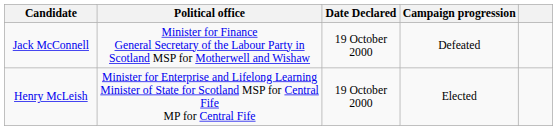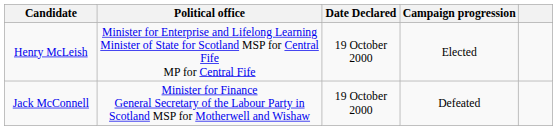 <table class="wikitable sortable wiki table" style="text-align:center">
 <tr>
 <th scope="col" style="width: 120px;">Candidate</th>
 <th scope="col" style="width: 300px;">Political office</th>
 <th scope="col" style="width: 100px;">Date Declared</th>
 <th>Campaign progression</th>
 <th class="unsortable" scope="col" style="width: 40px;"></th>
 </tr>
 <tr>
+<td><a href='#'>Henry McLeish</a></td>
+<td><a href='#'>Minister for Enterprise and Lifelong Learning</a> <br><a href='#'>Minister of State for Scotland</a>  MSP for <a href='#'>Central Fife</a> <br>MP for <a href='#'>Central Fife</a> </td>
+<td>19 October 2000</td>
+<td>Elected</td>
+<td></td>
+</tr>
+<tr>
 <td><a href='#'>Jack McConnell</a></td>
 <td><a href='#'>Minister for Finance</a> <br><a href='#'>General Secretary of the Labour Party in Scotland</a>  MSP for <a href='#'>Motherwell and Wishaw</a> </td>
 <td>19 October 2000</td>
 <td>Defeated</td>
 <td></td>
 </tr>
-<tr>
-<td><a href='#'>Henry McLeish</a></td>
-<td><a href='#'>Minister for Enterprise and Lifelong Learning</a> <br><a href='#'>Minister of State for Scotland</a>  MSP for <a href='#'>Central Fife</a> <br>MP for <a href='#'>Central Fife</a> </td>
-<td>19 October 2000</td>
-<td>Elected</td>
-<td></td>
-</tr>
 </table>
